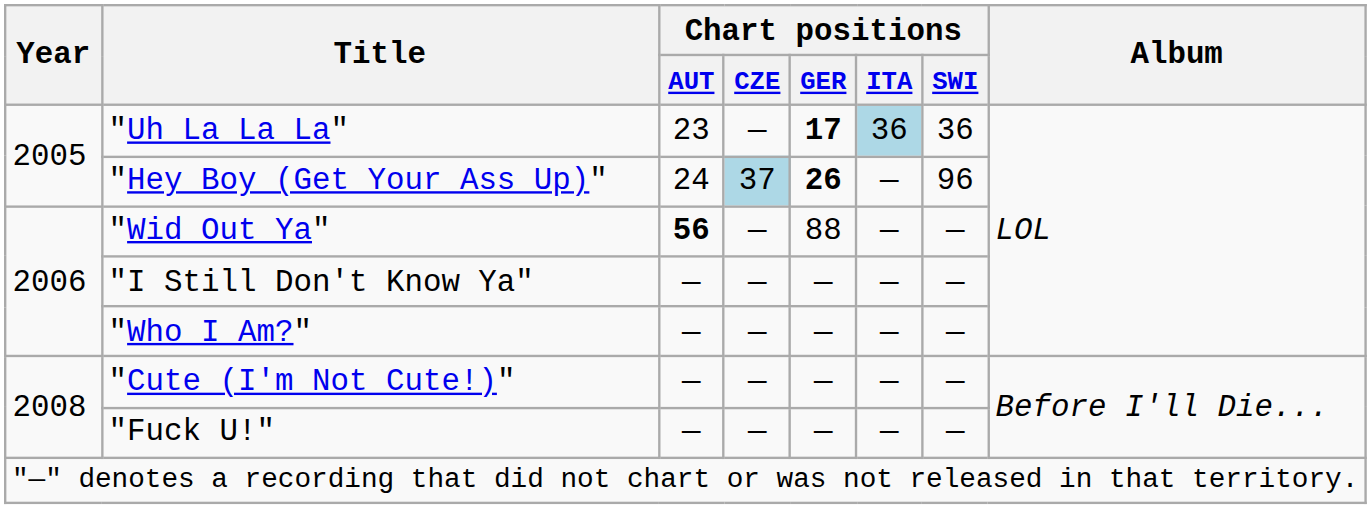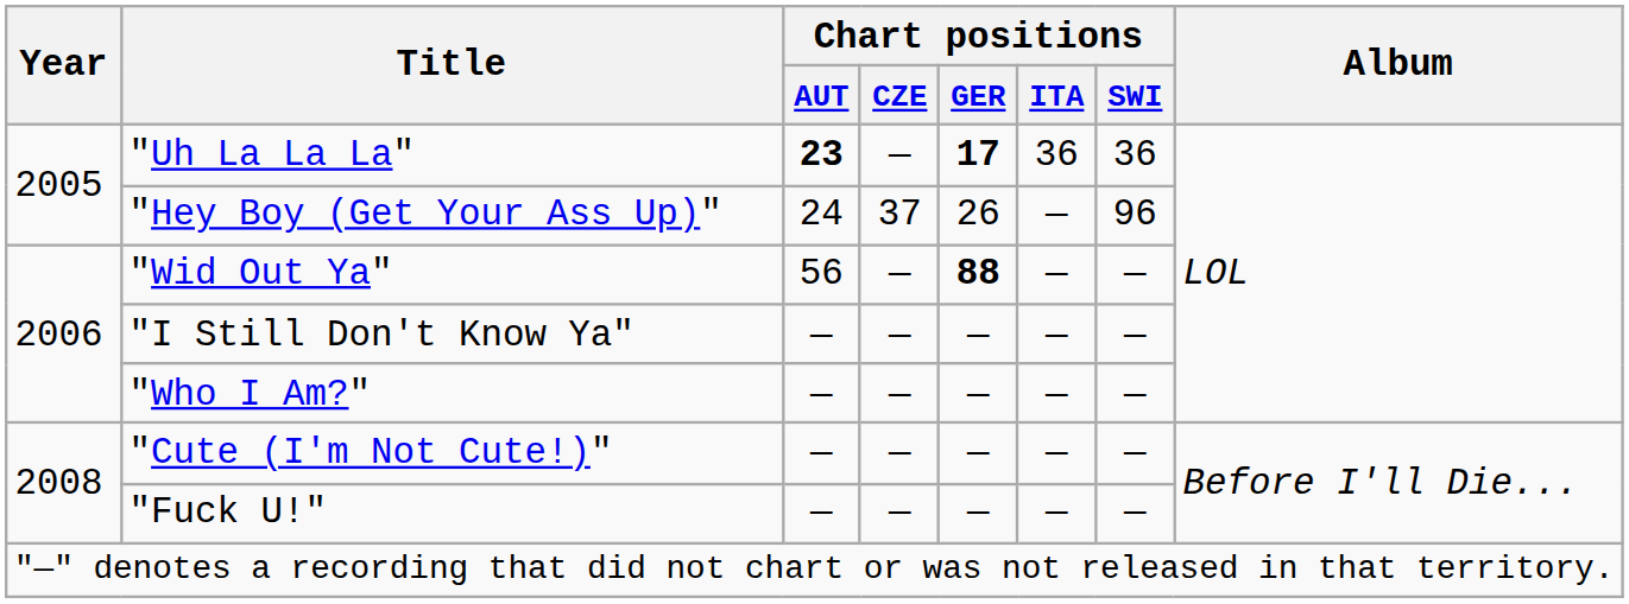 <table class="wikitable">
 <tr>
 <th rowspan="2">Year</th>
 <th rowspan="2">Title</th>
 <th colspan="5">Chart positions</th>
 <th rowspan="2">Album</th>
 </tr>
 <tr>
 <th rowspan="1"><small><a href='#'>AUT</a></small><br></th>
 <th rowspan="1"><small><a href='#'>CZE</a></small><br></th>
 <th rowspan="1"><small><a href='#'>GER</a></small><br></th>
 <th rowspan="1"><small><a href='#'>ITA</a></small><br></th>
 <th rowspan="1"><small><a href='#'>SWI</a></small><br></th>
 </tr>
 <tr>
 <td rowspan="2">2005</td>
 <td>"<a href='#'>Uh La La La</a>"</td>
-<td align="center">23</td>
+<td align="center"><strong>23</strong></td>
 <td align="center">—</td>
 <td align="center"><strong>17</strong></td>
-<td align="center" style="background: lightblue;">36</td>
+<td align="center">36</td>
 <td align="center">36</td>
 <td rowspan="5"><em>LOL</em></td>
 </tr>
 <tr>
 <td>"<a href='#'>Hey Boy (Get Your Ass Up)</a>"</td>
 <td align="center">24</td>
-<td align="center" style="background: lightblue;">37</td>
-<td align="center"><strong>26</strong></td>
+<td align="center">37</td>
+<td align="center">26</td>
 <td align="center">—</td>
 <td align="center">96</td>
 </tr>
 <tr>
 <td rowspan="3">2006</td>
 <td>"<a href='#'>Wid Out Ya</a>"</td>
-<td align="center"><strong>56</strong></td>
+<td align="center">56</td>
 <td align="center">—</td>
-<td align="center">88</td>
+<td align="center"><strong>88</strong></td>
 <td align="center">—</td>
 <td align="center">—</td>
 </tr>
 <tr>
 <td>"I Still Don't Know Ya"</td>
 <td align="center">—</td>
 <td align="center">—</td>
 <td align="center">—</td>
 <td align="center">—</td>
 <td align="center">—</td>
 </tr>
 <tr>
 <td>"<a href='#'>Who I Am?</a>"</td>
 <td align="center">—</td>
 <td align="center">—</td>
 <td align="center">—</td>
 <td align="center">—</td>
 <td align="center">—</td>
 </tr>
 <tr>
 <td rowspan="2">2008</td>
 <td>"<a href='#'>Cute (I'm Not Cute!)</a>"</td>
 <td align="center">—</td>
 <td align="center">—</td>
 <td align="center">—</td>
 <td align="center">—</td>
 <td align="center">—</td>
 <td rowspan="2"><em>Before I'll Die...</em></td>
 </tr>
 <tr>
 <td>"Fuck U!"</td>
 <td align="center">—</td>
 <td align="center">—</td>
 <td align="center">—</td>
 <td align="center">—</td>
 <td align="center">—</td>
 </tr>
 <tr>
 <td colspan="8" style="font-size:90%" align="center">"—" denotes a recording that did not chart or was not released in that territory.</td>
 </tr>
 </table>
